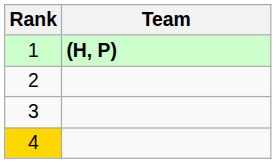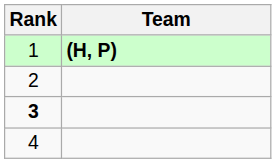 <table class="wikitable">
 <tr>
 <th width=40>Rank</th>
 <th width=165>Team</th>
 </tr>
 <tr style="background:#ccffcc">
 <td style="text-align:center">1</td>
 <td> <strong>(H, P)</strong></td>
 </tr>
 <tr>
 <td style="text-align:center">2</td>
 <td></td>
 </tr>
 <tr>
-<td style="text-align:center">3</td>
+<td style="text-align:center"><strong>3</strong></td>
 <td></td>
 </tr>
 <tr>
-<td style="background: gold; text-align:center">4</td>
+<td style="text-align:center">4</td>
 <td></td>
 </tr>
 </table>
